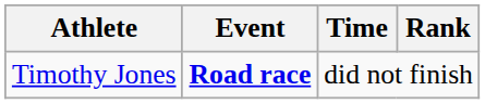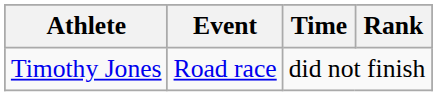 <table class=wikitable style=font-size:90%>
 <tr>
 <th>Athlete</th>
 <th>Event</th>
 <th>Time</th>
 <th>Rank</th>
 </tr>
 <tr>
 <td><a href='#'>Timothy Jones</a></td>
-<td><strong><a href='#'>Road race</a></strong></td>
+<td><a href='#'>Road race</a></td>
 <td align=center colspan=2>did not finish</td>
 </tr>
 </table>
